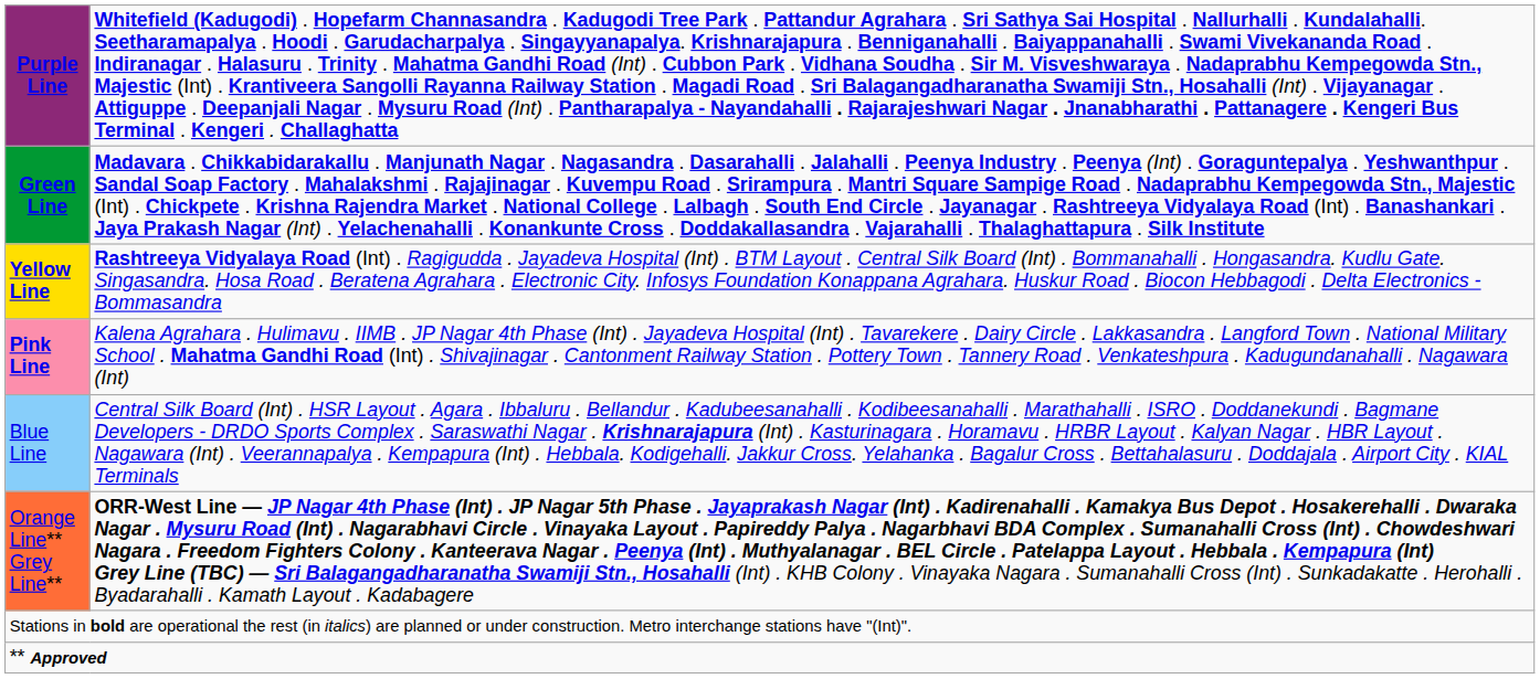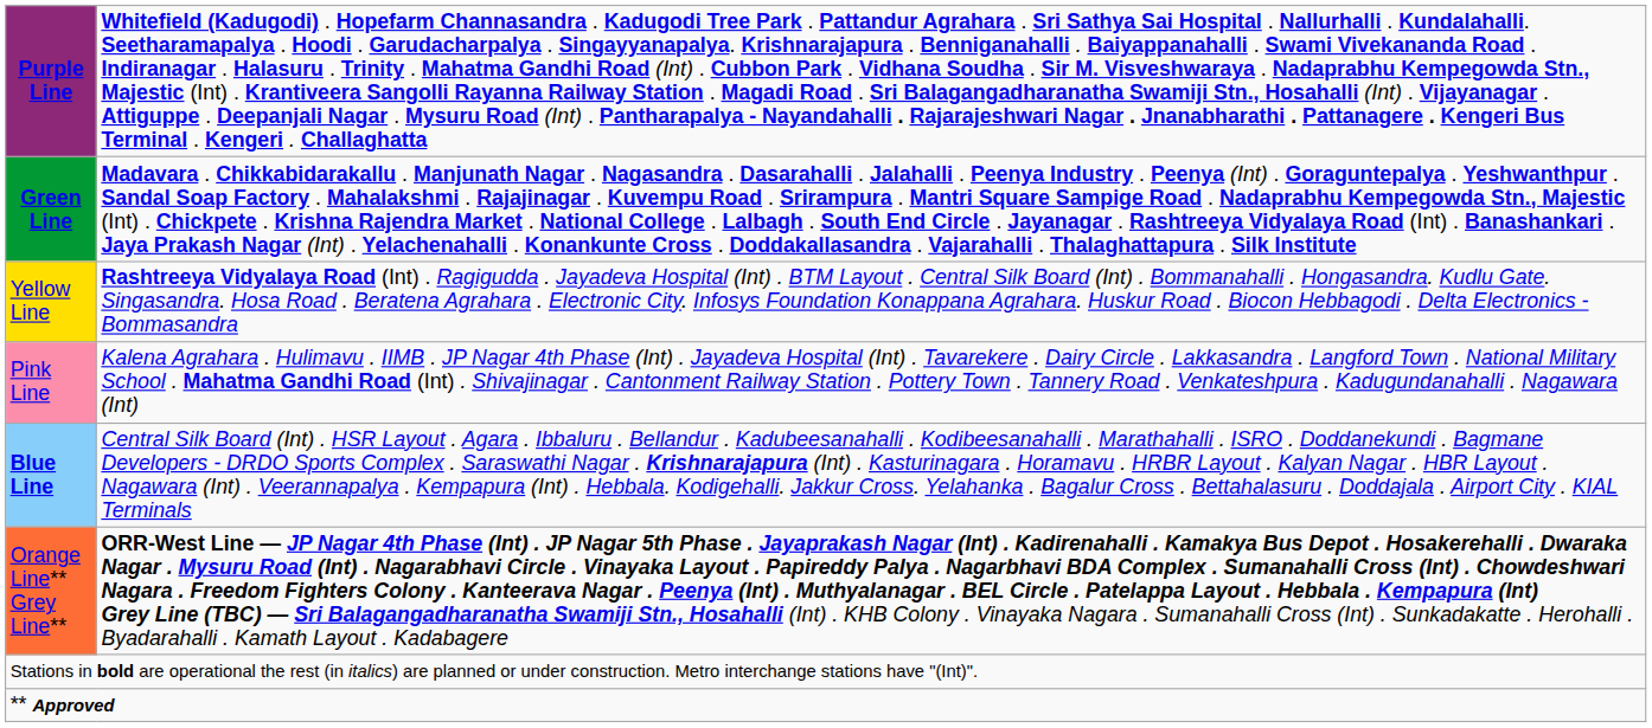 <table class="wikitable">
 <tr>
 <td style="background:#8c2877; text-align: center"><strong><a href='#'><span>Purple Line</span></a></strong></td>
 <td><strong><a href='#'>Whitefield (Kadugodi)</a></strong> . <a href='#'><strong>Hopefarm Channasandra</strong></a> . <a href='#'><strong>Kadugodi Tree Park</strong></a>  . <a href='#'><strong>Pattandur Agrahara</strong></a> . <a href='#'><strong>Sri Sathya Sai Hospital</strong></a> . <a href='#'><strong>Nallurhalli</strong></a> . <a href='#'><strong>Kundalahalli</strong></a>. <a href='#'><strong>Seetharamapalya</strong></a> . <a href='#'><strong>Hoodi</strong></a> . <a href='#'><strong>Garudacharpalya</strong></a> . <a href='#'><strong>Singayyanapalya</strong></a>. <strong><a href='#'>Krishnarajapura</a></strong> .  <a href='#'><strong>Benniganahalli</strong></a> <em>.</em> <a href='#'><strong>Baiyappanahalli</strong></a>  . <a href='#'><strong>Swami Vivekananda Road</strong></a> . <a href='#'><strong>Indiranagar</strong></a>  . <a href='#'><strong>Halasuru</strong></a>  . <a href='#'><strong>Trinity</strong></a>  . <a href='#'><strong>Mahatma Gandhi Road</strong></a> <em>(Int)</em> . <a href='#'><strong>Cubbon Park</strong></a>  . <a href='#'><strong>Vidhana Soudha</strong></a> . <a href='#'><strong>Sir M. Visveshwaraya</strong></a> . <a href='#'><strong>Nadaprabhu Kempegowda Stn., Majestic</strong></a> (Int) . <a href='#'><strong>Krantiveera Sangolli Rayanna Railway Station</strong></a> . <a href='#'><strong>Magadi Road</strong></a>  . <a href='#'><strong>Sri Balagangadharanatha Swamiji Stn., Hosahalli</strong></a> <em>(Int)</em> . <a href='#'><strong>Vijayanagar</strong></a>  . <a href='#'><strong>Attiguppe</strong></a>  . <a href='#'><strong>Deepanjali Nagar</strong></a> . <a href='#'><strong>Mysuru Road</strong></a> <em>(Int)</em> . <strong><a href='#'>Pantharapalya - Nayandahalli</a> . <a href='#'>Rajarajeshwari Nagar</a> . <a href='#'>Jnanabharathi</a> . <a href='#'>Pattanagere</a> . <a href='#'>Kengeri Bus Terminal</a></strong> . <strong><a href='#'>Kengeri</a></strong> <em>.</em> <a href='#'><strong>Challaghatta</strong></a></td>
 </tr>
 <tr>
 <td style="background:#009933; text-align: center"><strong><a href='#'><span>Green Line</span></a></strong></td>
 <td><a href='#'><strong>Madavara</strong></a> . <a href='#'><strong>Chikkabidarakallu</strong></a> . <strong><a href='#'>Manjunath Nagar</a></strong> . <a href='#'><strong>Nagasandra</strong></a> . <a href='#'><strong>Dasarahalli</strong></a> . <a href='#'><strong>Jalahalli</strong></a> . <a href='#'><strong>Peenya Industry</strong></a> . <a href='#'><strong>Peenya</strong></a> <em>(Int)</em> . <a href='#'><strong>Goraguntepalya</strong></a> . <a href='#'><strong>Yeshwanthpur</strong></a> . <a href='#'><strong>Sandal Soap Factory</strong></a> . <a href='#'><strong>Mahalakshmi</strong></a>  . <a href='#'><strong>Rajajinagar</strong></a> . <a href='#'><strong>Kuvempu Road</strong></a> . <a href='#'><strong>Srirampura</strong></a> . <a href='#'><strong>Mantri Square Sampige Road</strong></a> . <a href='#'><strong>Nadaprabhu Kempegowda Stn., Majestic</strong></a> (Int) . <a href='#'><strong>Chickpete</strong></a>  . <a href='#'><strong>Krishna Rajendra Market</strong></a> . <a href='#'><strong>National College</strong></a> . <a href='#'><strong>Lalbagh</strong></a> . <a href='#'><strong>South End Circle</strong></a> . <a href='#'><strong>Jayanagar</strong></a> . <a href='#'><strong>Rashtreeya Vidyalaya Road</strong></a> (Int) . <a href='#'><strong>Banashankari</strong></a>  . <a href='#'><strong>Jaya Prakash Nagar</strong></a> <em>(Int)</em> . <a href='#'><strong>Yelachenahalli</strong></a> . <a href='#'><strong>Konankunte Cross</strong></a> . <strong><a href='#'>Doddakallasandra</a></strong> . <strong><a href='#'>Vajarahalli</a></strong> . <strong><a href='#'>Thalaghattapura</a></strong> . <strong><a href='#'>Silk Institute</a></strong></td>
 </tr>
 <tr>
-<td style="background:#ffdf00;"><strong><span><a href='#'>Yellow Line</a></span></strong></td>
+<td style="background:#ffdf00;"><span><a href='#'>Yellow Line</a></span></td>
 <td><a href='#'><strong>Rashtreeya Vidyalaya Road</strong></a> (Int) . <em><a href='#'>Ragigudda</a> . <a href='#'>Jayadeva Hospital</a> (Int) . <a href='#'>BTM Layout</a> . <a href='#'>Central Silk Board</a> (Int) . <a href='#'>Bommanahalli</a> . <a href='#'>Hongasandra</a>. <a href='#'>Kudlu Gate</a>. <a href='#'>Singasandra</a>. <a href='#'>Hosa Road</a> . <a href='#'>Beratena Agrahara</a> . <a href='#'>Electronic City</a>. <a href='#'>Infosys Foundation Konappana Agrahara</a>.  <a href='#'>Huskur Road</a> . <a href='#'>Biocon Hebbagodi</a> . <a href='#'>Delta Electronics - Bommasandra</a></em></td>
 </tr>
 <tr>
-<td style="background:#fc8eac;"><strong><span><a href='#'>Pink Line</a></span></strong></td>
+<td style="background:#fc8eac;"><span><a href='#'>Pink Line</a></span></td>
 <td><em><a href='#'>Kalena Agrahara</a> . <a href='#'>Hulimavu</a> . <a href='#'>IIMB</a> . <a href='#'>JP Nagar 4th Phase</a> (Int) . <a href='#'>Jayadeva Hospital</a> (Int) . <a href='#'>Tavarekere</a> . <a href='#'>Dairy Circle</a> . <a href='#'>Lakkasandra</a> . <a href='#'>Langford Town</a> . <a href='#'>National Military School</a>  .</em> <a href='#'><strong>Mahatma Gandhi Road</strong></a> (Int) <em>. <a href='#'>Shivajinagar</a> . <a href='#'>Cantonment Railway Station</a> . <a href='#'>Pottery Town</a> . <a href='#'>Tannery Road</a> . <a href='#'>Venkateshpura</a> . <a href='#'>Kadugundanahalli</a> . <a href='#'>Nagawara</a> (Int)</em></td>
 </tr>
 <tr>
-<td style="background:#87cefa;"><span><a href='#'>Blue Line</a></span></td>
+<td style="background:#87cefa;"><strong><span><a href='#'>Blue Line</a></span></strong></td>
 <td><em><a href='#'>Central Silk Board</a> (Int) . <a href='#'>HSR Layout</a> . <a href='#'>Agara</a> . <a href='#'>Ibbaluru</a> . <a href='#'>Bellandur</a> . <a href='#'>Kadubeesanahalli</a> . <a href='#'>Kodibeesanahalli</a>  . <a href='#'>Marathahalli</a> .  <a href='#'>ISRO</a> . <a href='#'>Doddanekundi</a> . <a href='#'>Bagmane Developers - DRDO Sports Complex</a> . <a href='#'>Saraswathi Nagar</a> . <a href='#'><strong>Krishnarajapura</strong></a> (Int) . <a href='#'>Kasturinagara</a> . <a href='#'>Horamavu</a> . <a href='#'>HRBR Layout</a> . <a href='#'>Kalyan Nagar</a> . <a href='#'>HBR Layout</a> . <a href='#'>Nagawara</a> (Int) . <a href='#'>Veerannapalya</a> . <a href='#'>Kempapura</a> (Int) . <a href='#'>Hebbala</a>. <a href='#'>Kodigehalli</a>. <a href='#'>Jakkur Cross</a>. <a href='#'>Yelahanka</a> . <a href='#'>Bagalur Cross</a> . <a href='#'>Bettahalasuru</a> . <a href='#'>Doddajala</a> . <a href='#'>Airport City</a> . <a href='#'>KIAL Terminals</a></em></td>
 </tr>
 <tr>
 <td style="background:#ff6d37;"><a href='#'><span>Orange Line</span></a>**<br><a href='#'><span>Grey Line</span></a>**</td>
 <td><strong>ORR-West Line — <em><a href='#'>JP Nagar 4th Phase</a><strong><em> </em>(Int) . JP Nagar 5th Phase . <a href='#'></strong>Jayaprakash Nagar<strong></a> (Int) . Kadirenahalli . Kamakya Bus Depot . Hosakerehalli . Dwaraka Nagar . <a href='#'></strong>Mysuru Road<strong></a> (Int) . Nagarabhavi Circle . Vinayaka Layout . Papireddy Palya . Nagarbhavi BDA Complex . Sumanahalli Cross (Int) . Chowdeshwari Nagara . Freedom Fighters Colony . Kanteerava Nagar . <a href='#'></strong>Peenya<strong></a> (Int) . Muthyalanagar . BEL Circle . Patelappa Layout . Hebbala . <a href='#'>Kempapura</a> (Int)<em><br></strong>Grey Line (TBC) — </em><a href='#'>Sri Balagangadharanatha Swamiji Stn., Hosahalli</a></em></strong> <em>(Int) . KHB Colony . Vinayaka Nagara . Sumanahalli Cross (Int) . Sunkadakatte . Herohalli . Byadarahalli . Kamath Layout . Kadabagere</em></td>
 </tr>
 <tr>
 <td colspan="2"><small>Stations in <strong>bold</strong> are operational the rest (in <em>italics</em>) are planned or under construction. Metro interchange stations have "(Int)".</small></td>
 </tr>
 <tr>
 <td colspan="2">** <strong><em><small>Approved</small></em></strong></td>
 </tr>
 </table>
